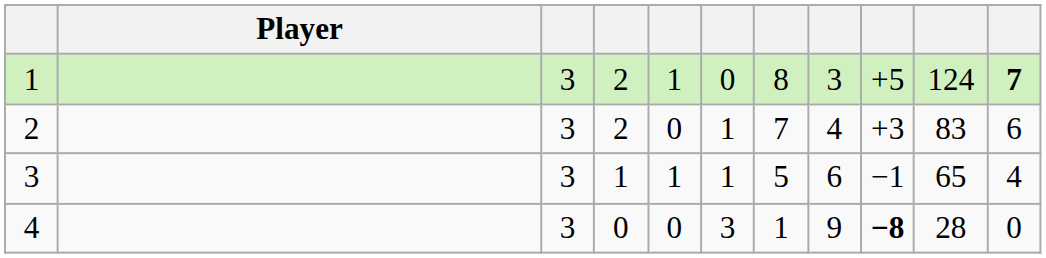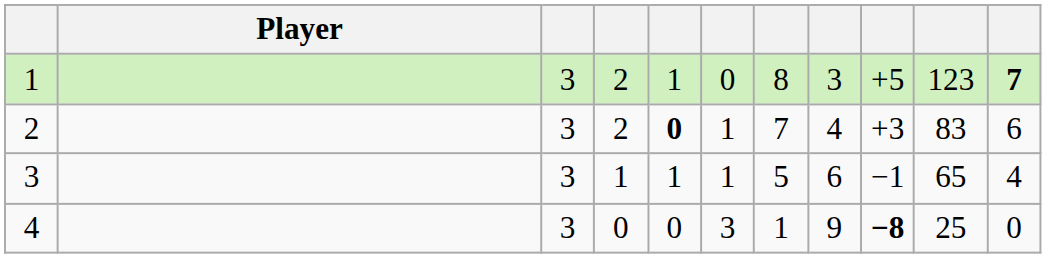 <table class="wikitable" style="text-align:center; margin: 1em auto 1em auto, align:left">
 <tr>
 <th width=20></th>
 <th width=240>Player</th>
 <th width=20></th>
 <th width=20></th>
 <th width=20></th>
 <th width=20></th>
 <th width=20></th>
 <th width=20></th>
 <th width=20></th>
 <th width=30></th>
 <th width=20></th>
 </tr>
 <tr style="background:#D0F0C0;">
 <td>1</td>
 <td align=left></td>
 <td>3</td>
 <td>2</td>
 <td>1</td>
 <td>0</td>
 <td>8</td>
 <td>3</td>
 <td>+5</td>
-<td>124</td>
+<td>123</td>
 <td><strong>7</strong></td>
 </tr>
 <tr style=>
 <td>2</td>
 <td align=left></td>
 <td>3</td>
 <td>2</td>
-<td>0</td>
+<td><strong>0</strong></td>
 <td>1</td>
 <td>7</td>
 <td>4</td>
 <td>+3</td>
 <td>83</td>
 <td>6</td>
 </tr>
 <tr style=>
 <td>3</td>
 <td align=left></td>
 <td>3</td>
 <td>1</td>
 <td>1</td>
 <td>1</td>
 <td>5</td>
 <td>6</td>
 <td>−1</td>
 <td>65</td>
 <td>4</td>
 </tr>
 <tr style=>
 <td>4</td>
 <td align=left></td>
 <td>3</td>
 <td>0</td>
 <td>0</td>
 <td>3</td>
 <td>1</td>
 <td>9</td>
 <td><strong>−8</strong></td>
-<td>28</td>
+<td>25</td>
 <td>0</td>
 </tr>
 </table>
